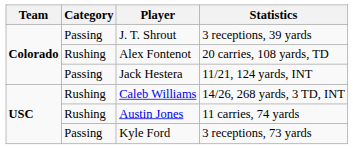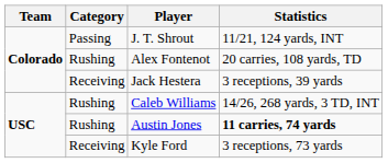 <table class="wikitable" style="float: right;">
 <tr>
 <th>Team</th>
 <th>Category</th>
 <th>Player</th>
 <th>Statistics</th>
 </tr>
 <tr>
 <td rowspan=3><strong>Colorado</strong></td>
 <td>Passing</td>
 <td>J. T. Shrout</td>
-<td>3 receptions, 39 yards</td>
+<td>11/21, 124 yards, INT</td>
 </tr>
 <tr>
 <td>Rushing</td>
 <td>Alex Fontenot</td>
 <td>20 carries, 108 yards, TD</td>
 </tr>
 <tr>
-<td>Passing</td>
+<td>Receiving</td>
 <td>Jack Hestera</td>
-<td>11/21, 124 yards, INT</td>
+<td>3 receptions, 39 yards</td>
 </tr>
 <tr>
 <td rowspan=3><strong>USC</strong></td>
 <td>Rushing</td>
 <td><a href='#'>Caleb Williams</a></td>
 <td>14/26, 268 yards, 3 TD, INT</td>
 </tr>
 <tr>
 <td>Rushing</td>
 <td><a href='#'>Austin Jones</a></td>
-<td>11 carries, 74 yards</td>
+<td><strong>11 carries, 74 yards</strong></td>
 </tr>
 <tr>
-<td>Passing</td>
+<td>Receiving</td>
 <td>Kyle Ford</td>
 <td>3 receptions, 73 yards</td>
 </tr>
 </table>
